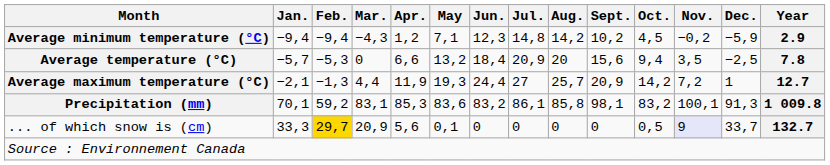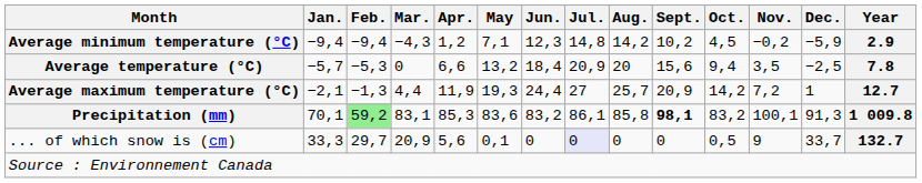 <table class="wikitable">
 <tr>
 <th>Month</th>
 <th>Jan.</th>
 <th>Feb.</th>
 <th>Mar.</th>
 <th>Apr.</th>
 <th>May</th>
 <th>Jun.</th>
 <th>Jul.</th>
 <th>Aug.</th>
 <th>Sept.</th>
 <th>Oct.</th>
 <th>Nov.</th>
 <th>Dec.</th>
 <th>Year</th>
 </tr>
 <tr>
 <th>Average minimum temperature (<a href='#'>°C</a>)</th>
 <td>−9,4</td>
 <td>−9,4</td>
 <td>−4,3</td>
 <td>1,2</td>
 <td>7,1</td>
 <td>12,3</td>
 <td>14,8</td>
 <td>14,2</td>
 <td>10,2</td>
 <td>4,5</td>
 <td>−0,2</td>
 <td>−5,9</td>
 <th>2.9</th>
 </tr>
 <tr>
 <th>Average temperature (°C)</th>
 <td>−5,7</td>
 <td>−5,3</td>
 <td>0</td>
 <td>6,6</td>
 <td>13,2</td>
 <td>18,4</td>
 <td>20,9</td>
 <td>20</td>
 <td>15,6</td>
 <td>9,4</td>
 <td>3,5</td>
 <td>−2,5</td>
 <th>7.8</th>
 </tr>
 <tr>
 <th>Average maximum temperature (°C)</th>
 <td>−2,1</td>
 <td>−1,3</td>
 <td>4,4</td>
 <td>11,9</td>
 <td>19,3</td>
 <td>24,4</td>
 <td>27</td>
 <td>25,7</td>
 <td>20,9</td>
 <td>14,2</td>
 <td>7,2</td>
 <td>1</td>
 <th>12.7</th>
 </tr>
 <tr>
 <th>Precipitation (<a href='#'>mm</a>)</th>
 <td>70,1</td>
-<td>59,2</td>
+<td style="background: lightgreen;">59,2</td>
 <td>83,1</td>
 <td>85,3</td>
 <td>83,6</td>
 <td>83,2</td>
 <td>86,1</td>
 <td>85,8</td>
-<td>98,1</td>
+<td><strong>98,1</strong></td>
 <td>83,2</td>
 <td>100,1</td>
 <td>91,3</td>
 <th>1 009.8</th>
 </tr>
 <tr>
 <td>... of which snow is (<a href='#'>cm</a>)</td>
 <td>33,3</td>
-<td style="background: gold;">29,7</td>
+<td>29,7</td>
 <td>20,9</td>
 <td>5,6</td>
 <td>0,1</td>
 <td>0</td>
-<td>0</td>
+<td style="background: lavender;">0</td>
 <td>0</td>
 <td>0</td>
 <td>0,5</td>
-<td style="background: lavender;">9</td>
+<td>9</td>
 <td>33,7</td>
 <th>132.7</th>
 </tr>
 <tr>
 <td colspan="14"><em>Source : Environnement Canada</em></td>
 </tr>
 </table>
